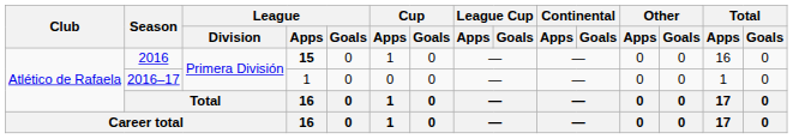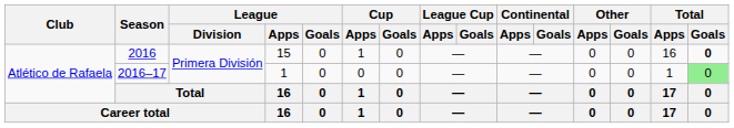 <table class="wikitable" style="text-align:center">
 <tr>
 <th rowspan="2">Club</th>
 <th rowspan="2">Season</th>
 <th colspan="3">League</th>
 <th colspan="2">Cup</th>
 <th colspan="2">League Cup</th>
 <th colspan="2">Continental</th>
 <th colspan="2">Other</th>
 <th colspan="2">Total</th>
 </tr>
 <tr>
 <th>Division</th>
 <th>Apps</th>
 <th>Goals</th>
 <th>Apps</th>
 <th>Goals</th>
 <th>Apps</th>
 <th>Goals</th>
 <th>Apps</th>
 <th>Goals</th>
 <th>Apps</th>
 <th>Goals</th>
 <th>Apps</th>
 <th>Goals</th>
 </tr>
 <tr>
 <td rowspan="3"><a href='#'>Atlético de Rafaela</a></td>
 <td><a href='#'>2016</a></td>
 <td rowspan="2"><a href='#'>Primera División</a></td>
-<td><strong>15</strong></td>
+<td>15</td>
 <td>0</td>
 <td>1</td>
 <td>0</td>
 <td colspan="2">—</td>
 <td colspan="2">—</td>
 <td>0</td>
 <td>0</td>
 <td>16</td>
-<td>0</td>
+<td><strong>0</strong></td>
 </tr>
 <tr>
 <td><a href='#'>2016–17</a></td>
 <td>1</td>
 <td>0</td>
 <td>0</td>
 <td>0</td>
 <td colspan="2">—</td>
 <td colspan="2">—</td>
 <td>0</td>
 <td>0</td>
 <td>1</td>
-<td>0</td>
+<td style="background: lightgreen;">0</td>
 </tr>
 <tr>
 <th colspan="2">Total</th>
 <th>16</th>
 <th>0</th>
 <th>1</th>
 <th>0</th>
 <th colspan="2">—</th>
 <th colspan="2">—</th>
 <th>0</th>
 <th>0</th>
 <th>17</th>
 <th>0</th>
 </tr>
 <tr>
 <th colspan="3">Career total</th>
 <th>16</th>
 <th>0</th>
 <th>1</th>
 <th>0</th>
 <th colspan="2">—</th>
 <th colspan="2">—</th>
 <th>0</th>
 <th>0</th>
 <th>17</th>
 <th>0</th>
 </tr>
 </table>
